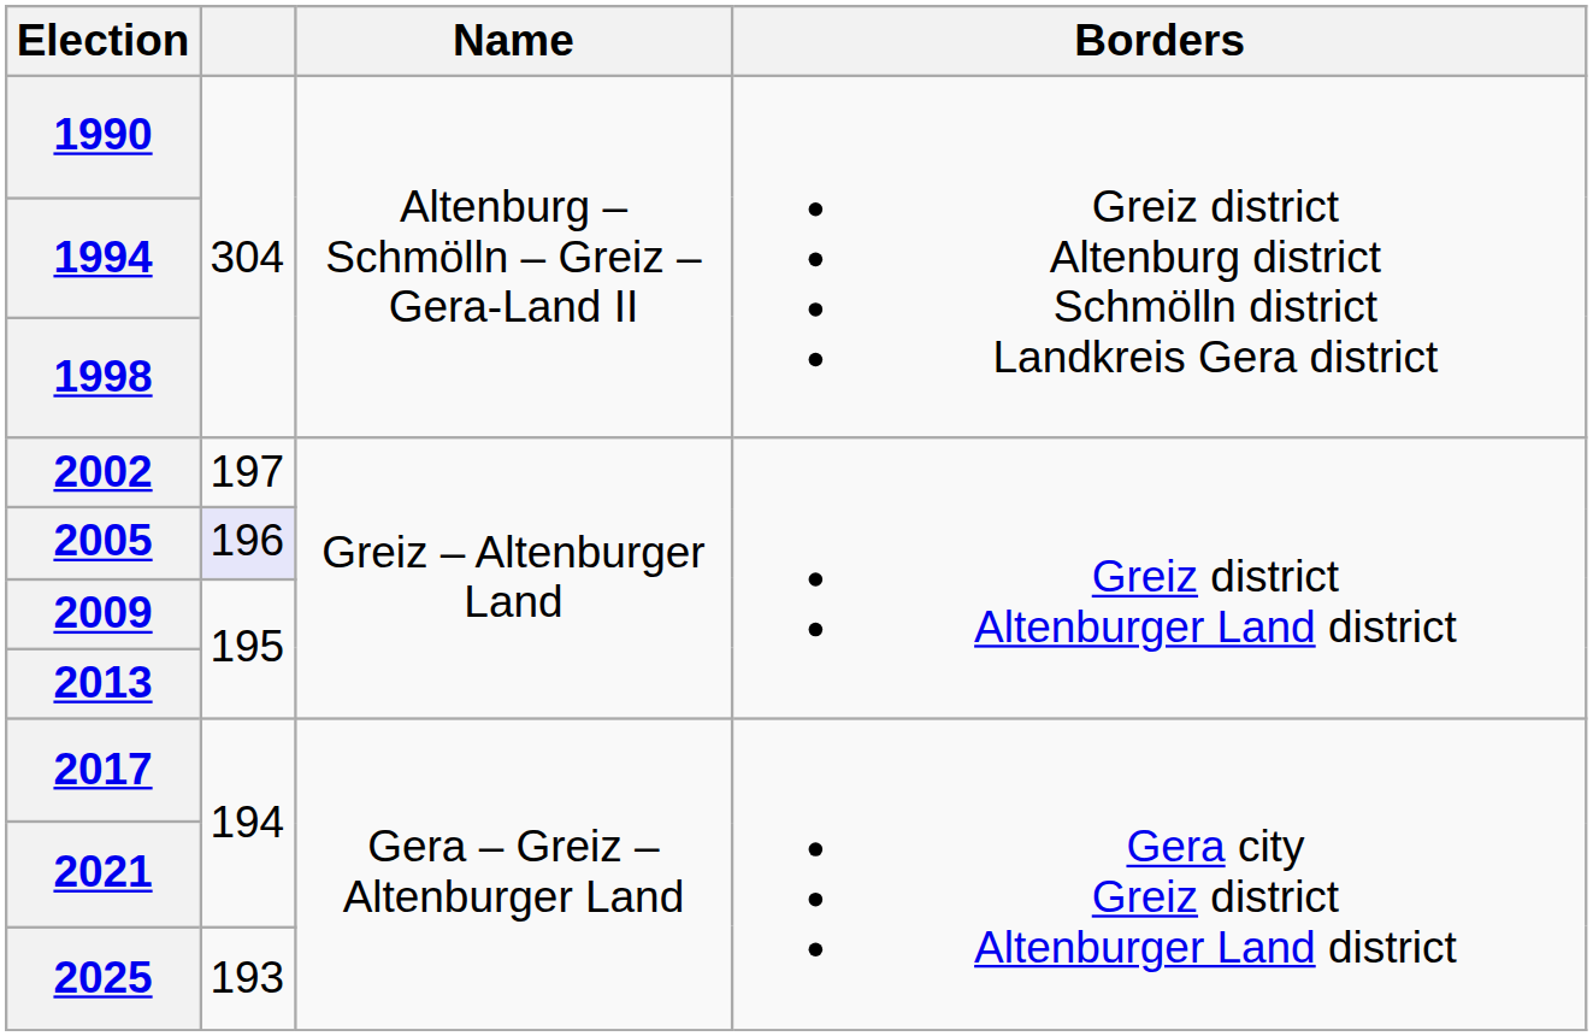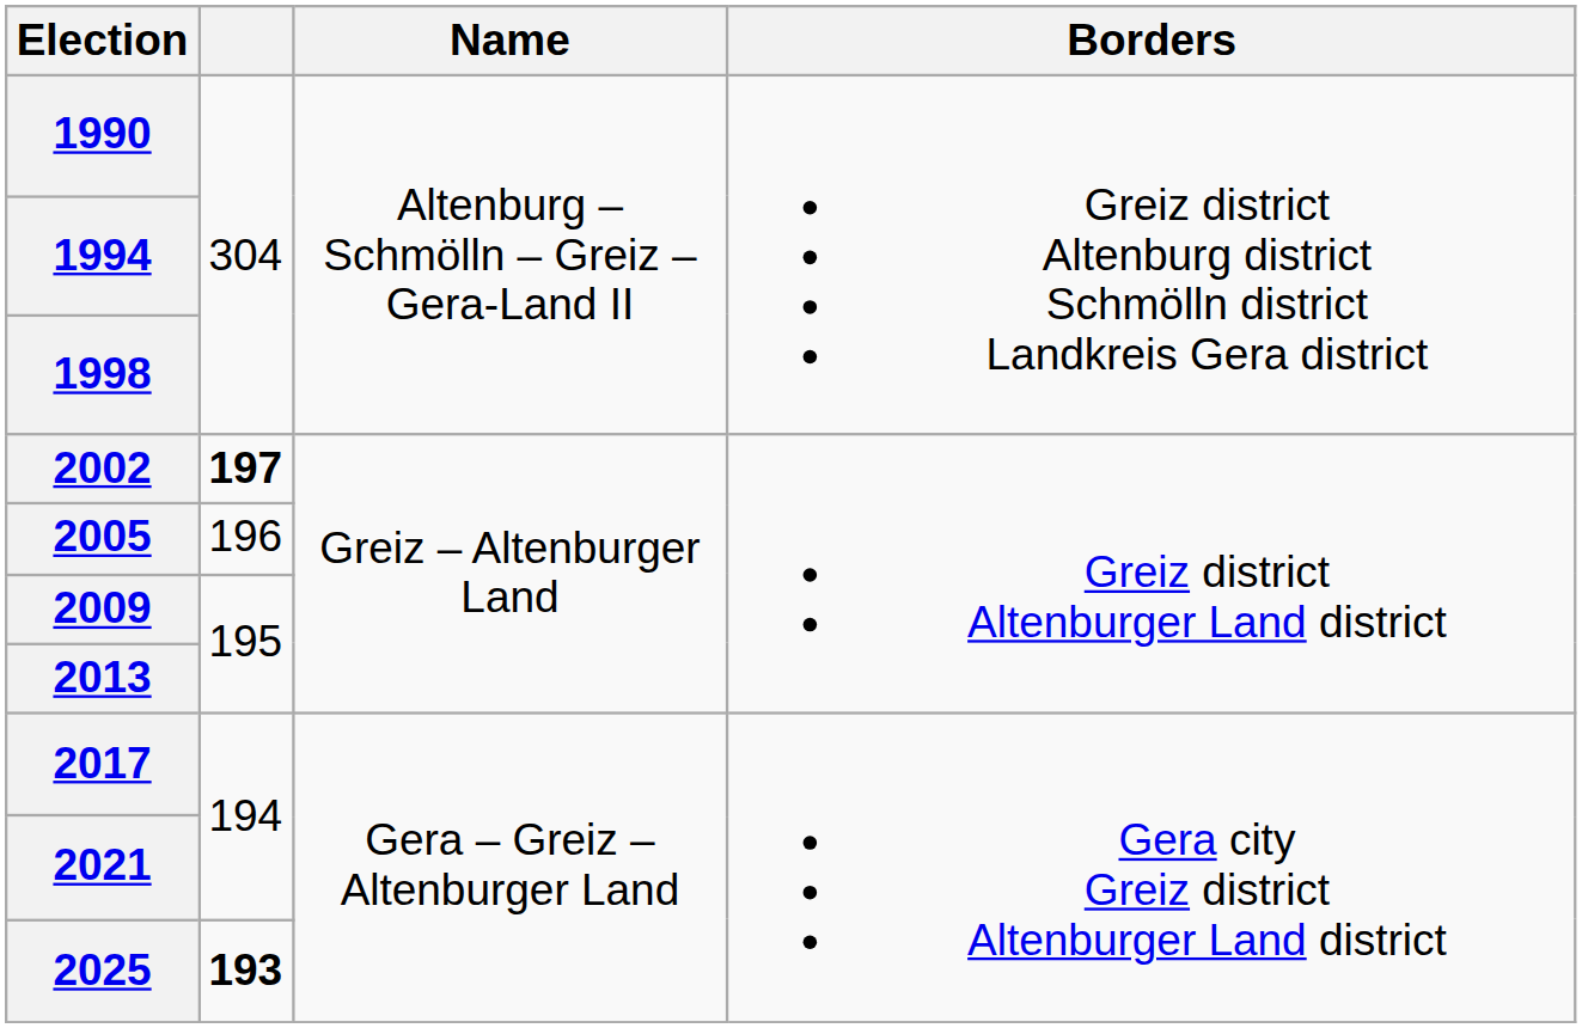 <table class=wikitable style="text-align:center">
 <tr>
 <th>Election</th>
 <th></th>
 <th width=150px>Name</th>
 <th width=300px>Borders</th>
 </tr>
 <tr>
 <th><a href='#'>1990</a></th>
 <td rowspan=3>304</td>
 <td rowspan=3>Altenburg – Schmölln – Greiz – Gera-Land II</td>
 <td rowspan=3><br><ul><li>Greiz district</li><li>Altenburg district</li><li>Schmölln district</li><li>Landkreis Gera district</li></ul></td>
 </tr>
 <tr>
 <th><a href='#'>1994</a></th>
 </tr>
 <tr>
 <th><a href='#'>1998</a></th>
 </tr>
 <tr>
 <th><a href='#'>2002</a></th>
-<td>197</td>
+<td><strong>197</strong></td>
 <td rowspan=4>Greiz – Altenburger Land</td>
 <td rowspan=4><br><ul><li><a href='#'>Greiz</a> district</li><li><a href='#'>Altenburger Land</a> district</li></ul></td>
 </tr>
 <tr>
 <th><a href='#'>2005</a></th>
-<td style="background: lavender;">196</td>
+<td>196</td>
 </tr>
 <tr>
 <th><a href='#'>2009</a></th>
 <td rowspan=2>195</td>
 </tr>
 <tr>
 <th><a href='#'>2013</a></th>
 </tr>
 <tr>
 <th><a href='#'>2017</a></th>
 <td rowspan=2>194</td>
 <td rowspan=3>Gera – Greiz – Altenburger Land</td>
 <td rowspan=3><br><ul><li><a href='#'>Gera</a> city</li><li><a href='#'>Greiz</a> district</li><li><a href='#'>Altenburger Land</a> district</li></ul></td>
 </tr>
 <tr>
 <th><a href='#'>2021</a></th>
 </tr>
 <tr>
 <th><a href='#'>2025</a></th>
-<td>193</td>
+<td><strong>193</strong></td>
 </tr>
 </table>
